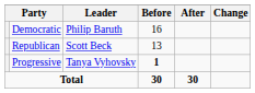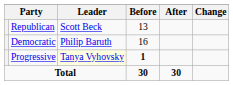 <table class="wikitable" style="text-align:center;">
 <tr>
 </tr>
 <tr>
 <th colspan="2">Party</th>
 <th>Leader</th>
 <th style="width:3em">Before</th>
 <th style="width:3em">After</th>
 <th style="width:3em">Change</th>
 </tr>
 <tr>
 <th style="background-color:"></th>
+<td style="text-align:left;"><a href='#'>Republican</a></td>
+<td style="text-align:left;"><a href='#'>Scott Beck</a></td>
+<td>13</td>
+<td></td>
+<td></td>
+</tr>
+<tr>
+<th style="background-color:"></th>
 <td style="text-align:left;"><a href='#'>Democratic</a></td>
 <td style="text-align:left;"><a href='#'>Philip Baruth</a></td>
 <td>16</td>
 <td></td>
 <td></td>
 </tr>
 <tr>
 <th style="background-color:"></th>
-<td style="text-align:left;"><a href='#'>Republican</a></td>
-<td style="text-align:left;"><a href='#'>Scott Beck</a></td>
-<td>13</td>
-<td></td>
-<td></td>
-</tr>
-<tr>
-<th style="background-color:"></th>
 <td style="text-align:left;"><a href='#'>Progressive</a></td>
-<td style="text-align:left;"><a href='#'>Tanya Vyhovsky</a></td>
+<td style="background: lightyellow; text-align:left;"><a href='#'>Tanya Vyhovsky</a></td>
 <td><strong>1</strong></td>
 <td></td>
 <td></td>
 </tr>
 <tr>
 <td colspan="3"><strong>Total</strong></td>
 <td><strong>30</strong></td>
 <td><strong>30</strong></td>
 <td></td>
 </tr>
 </table>
